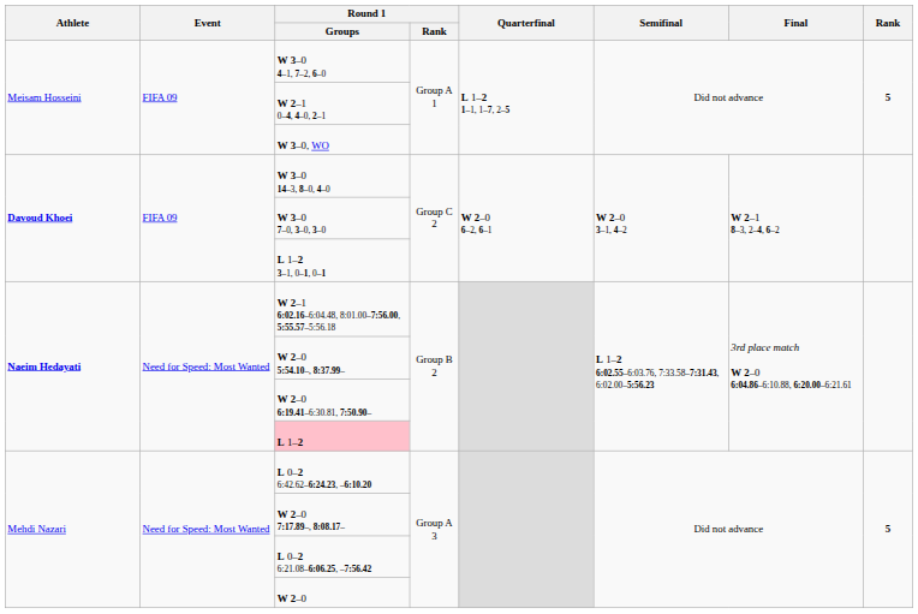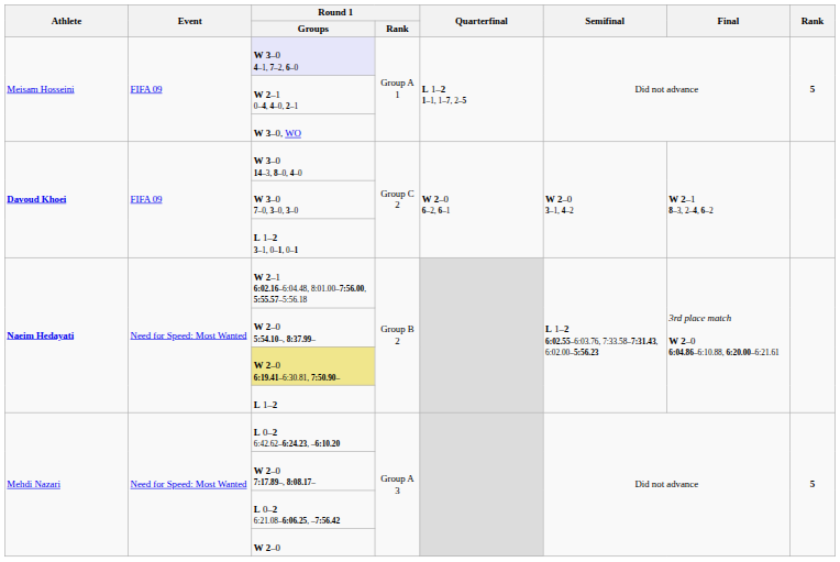 <table class="wikitable" width="98%" style="text-align:left; font-size:90%">
 <tr>
 <th rowspan="2" width="11%">Athlete</th>
 <th rowspan="2" width="11%">Event</th>
 <th colspan="2" width="15%">Round 1</th>
 <th rowspan="2" width="11%">Quarterfinal</th>
 <th rowspan="2" width="11%">Semifinal</th>
 <th rowspan="2" width="11%">Final</th>
 <th rowspan="2" width="4%">Rank</th>
 </tr>
 <tr>
 <th width="11%">Groups</th>
 <th>Rank</th>
 </tr>
 <tr>
 <td rowspan="3"><a href='#'>Meisam Hosseini</a></td>
 <td rowspan="3"><a href='#'>FIFA 09</a></td>
-<td><br><strong>W</strong> <strong>3</strong>–0<br><small><strong>4</strong>–1, <strong>7</strong>–2, <strong>6</strong>–0</small></td>
+<td style="background: lavender;"><br><strong>W</strong> <strong>3</strong>–0<br><small><strong>4</strong>–1, <strong>7</strong>–2, <strong>6</strong>–0</small></td>
 <td rowspan="3" align=center>Group A<br>1 <strong></strong></td>
 <td rowspan="3"><br><strong>L</strong> 1–<strong>2</strong><br><small><strong>1</strong>–1, 1–<strong>7</strong>, 2–<strong>5</strong></small></td>
 <td rowspan="3" colspan=2 align=center>Did not advance</td>
 <td rowspan="3" align=center><strong>5</strong></td>
 </tr>
 <tr>
 <td><br><strong>W</strong> <strong>2</strong>–1<br><small>0–<strong>4</strong>, <strong>4</strong>–0, <strong>2</strong>–1</small></td>
 </tr>
 <tr>
 <td><br><strong>W</strong> <strong>3</strong>–0, <a href='#'>WO</a></td>
 </tr>
 <tr>
 <td rowspan="3"><strong><a href='#'>Davoud Khoei</a></strong></td>
 <td rowspan="3"><a href='#'>FIFA 09</a></td>
 <td><br><strong>W</strong> <strong>3</strong>–0<br><small><strong>14</strong>–3, <strong>8</strong>–0, <strong>4</strong>–0</small></td>
 <td rowspan="3" align=center>Group C<br>2 <strong></strong></td>
 <td rowspan="3"><br><strong>W</strong> <strong>2</strong>–0<br><small><strong>6</strong>–2, <strong>6</strong>–1</small></td>
 <td rowspan="3"><br><strong>W</strong> <strong>2</strong>–0<br><small><strong>3</strong>–1, <strong>4</strong>–2</small></td>
 <td rowspan="3"><br><strong>W</strong> <strong>2</strong>–1<br><small><strong>8</strong>–3, 2–<strong>4</strong>, <strong>6</strong>–2</small></td>
 <td rowspan="3" align=center></td>
 </tr>
 <tr>
 <td><br><strong>W</strong> <strong>3</strong>–0<br><small><strong>7</strong>–0, <strong>3</strong>–0, <strong>3</strong>–0</small></td>
 </tr>
 <tr>
 <td><br><strong>L</strong> 1–<strong>2</strong><br><small><strong>3</strong>–1, 0–<strong>1</strong>, 0–<strong>1</strong></small></td>
 </tr>
 <tr>
 <td rowspan="4"><strong><a href='#'>Naeim Hedayati</a></strong></td>
 <td rowspan="4"><a href='#'>Need for Speed: Most Wanted</a></td>
 <td><br><strong>W</strong> <strong>2</strong>–1<br><small><strong>6:02.16</strong>–6:04.48, 8:01.00–<strong>7:56.00</strong>, <strong>5:55.57</strong>–5:56.18</small></td>
 <td rowspan="4" align=center>Group B<br>2 <strong></strong></td>
 <td rowspan="4" bgcolor=#DCDCDC></td>
 <td rowspan="4"><br><strong>L</strong> 1–<strong>2</strong><br><small><strong>6:02.55</strong>–6:03.76, 7:33.58–<strong>7:31.43</strong>, 6:02.00–<strong>5:56.23</strong></small></td>
 <td rowspan="4"><em>3rd place match</em><br><br><strong>W</strong> <strong>2</strong>–0<br><small><strong>6:04.86</strong>–6:10.88, <strong>6:20.00</strong>–6:21.61</small></td>
 <td rowspan="4" align=center></td>
 </tr>
 <tr>
 <td><br><strong>W</strong> <strong>2</strong>–0<br><small><strong>5:54.10</strong>–, <strong>8:37.99</strong>–</small></td>
 </tr>
 <tr>
-<td><br><strong>W</strong> <strong>2</strong>–0<br><small><strong>6:19.41</strong>–6:30.81, <strong>7:50.90</strong>–</small></td>
+<td style="background: khaki;"><br><strong>W</strong> <strong>2</strong>–0<br><small><strong>6:19.41</strong>–6:30.81, <strong>7:50.90</strong>–</small></td>
 </tr>
 <tr>
-<td style="background: pink;"><br><strong>L</strong> 1–<strong>2</strong></td>
+<td><br><strong>L</strong> 1–<strong>2</strong></td>
 </tr>
 <tr>
 <td rowspan="4"><a href='#'>Mehdi Nazari</a></td>
 <td rowspan="4"><a href='#'>Need for Speed: Most Wanted</a></td>
 <td><br><strong>L</strong> 0–<strong>2</strong><br><small>6:42.62–<strong>6:24.23</strong>, –<strong>6:10.20</strong></small></td>
 <td rowspan="4" align=center>Group A<br>3</td>
 <td rowspan="4" bgcolor=#DCDCDC></td>
 <td rowspan="4" colspan=2 align=center>Did not advance</td>
 <td rowspan="4" align=center><strong>5</strong></td>
 </tr>
 <tr>
 <td><br><strong>W</strong> <strong>2</strong>–0<br><small><strong>7:17.89</strong>–, <strong>8:08.17</strong>–</small></td>
 </tr>
 <tr>
 <td><br><strong>L</strong> 0–<strong>2</strong><br><small>6:21.08–<strong>6:06.25</strong>, –<strong>7:56.42</strong></small></td>
 </tr>
 <tr>
 <td><br><strong>W</strong> <strong>2</strong>–0</td>
 </tr>
 </table>
